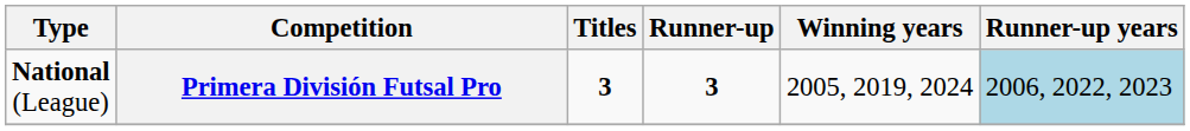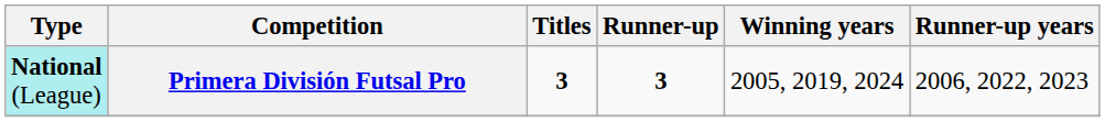 <table class="wikitable plainrowheaders" style="font-size:95%; text-align:center;">
 <tr>
 <th>Type</th>
 <th width=250px>Competition</th>
 <th>Titles</th>
 <th>Runner-up</th>
 <th>Winning years</th>
 <th>Runner-up years</th>
 </tr>
 <tr>
-<td rowspan=1><strong>National</strong><br>(League)</td>
+<td rowspan=1 style="background: paleturquoise;"><strong>National</strong><br>(League)</td>
 <th scope=col><a href='#'>Primera División Futsal Pro</a></th>
 <td><strong>3</strong></td>
 <td><strong>3</strong></td>
 <td align="left">2005, 2019, 2024</td>
-<td align="left" style="background: lightblue;">2006, 2022, 2023</td>
+<td align="left">2006, 2022, 2023</td>
 </tr>
 <tr>
 </tr>
 </table>
